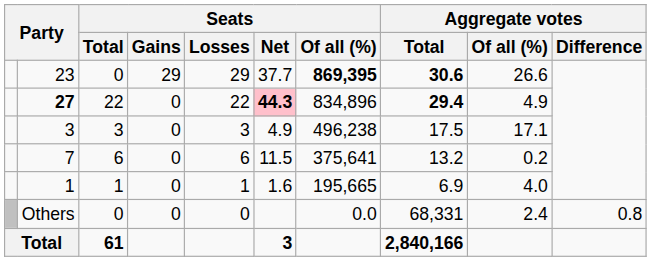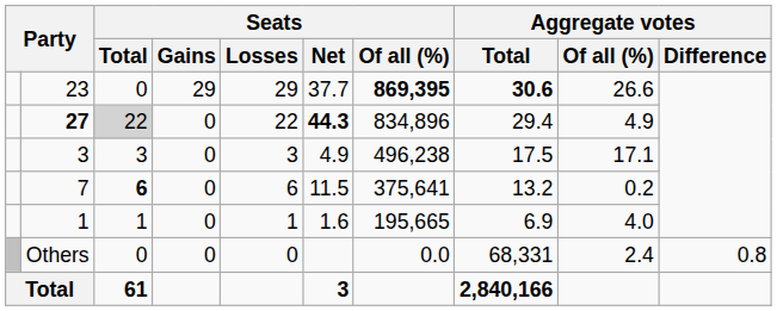 <table class="wikitable sortable" style="text-align:right; font-size:95%;">
 <tr>
 <th colspan="2" rowspan="2">Party</th>
 <th colspan="5">Seats</th>
 <th colspan="3">Aggregate votes</th>
 </tr>
 <tr>
 <th>Total</th>
 <th>Gains</th>
 <th>Losses</th>
 <th>Net</th>
 <th>Of all (%)</th>
 <th>Total</th>
 <th>Of all (%)</th>
 <th>Difference</th>
 </tr>
 <tr>
 <td></td>
 <td>23</td>
 <td>0</td>
 <td>29</td>
 <td>29</td>
 <td>37.7</td>
 <td><strong>869,395</strong></td>
 <td><strong>30.6</strong></td>
 <td>26.6</td>
 </tr>
 <tr>
 <td></td>
 <td><strong>27</strong></td>
-<td>22</td>
+<td style="background: lightgrey;">22</td>
 <td>0</td>
 <td>22</td>
-<td style="background: pink;"><strong>44.3</strong></td>
+<td><strong>44.3</strong></td>
 <td>834,896</td>
-<td><strong>29.4</strong></td>
+<td>29.4</td>
 <td>4.9</td>
 </tr>
 <tr>
 <td></td>
 <td>3</td>
 <td>3</td>
 <td>0</td>
 <td>3</td>
 <td>4.9</td>
 <td>496,238</td>
 <td>17.5</td>
 <td>17.1</td>
 </tr>
 <tr>
 <td></td>
 <td>7</td>
-<td>6</td>
+<td><strong>6</strong></td>
 <td>0</td>
 <td>6</td>
 <td>11.5</td>
 <td>375,641</td>
 <td>13.2</td>
 <td>0.2</td>
 </tr>
 <tr>
 <td></td>
 <td>1</td>
 <td>1</td>
 <td>0</td>
 <td>1</td>
 <td>1.6</td>
 <td>195,665</td>
 <td>6.9</td>
 <td>4.0</td>
 </tr>
 <tr>
 <td style="background:silver;"> </td>
 <td align=left>Others</td>
 <td>0</td>
 <td>0</td>
 <td>0</td>
 <td></td>
 <td>0.0</td>
 <td>68,331</td>
 <td>2.4</td>
 <td>0.8</td>
 </tr>
 <tr class="sortbottom" style="font-weight:bold;">
 <th colspan="2" scope="row" style="background-color:#f2f2f2;">Total</th>
 <td>61</td>
 <td></td>
 <td></td>
 <td>3</td>
 <td></td>
 <td>2,840,166</td>
 <td></td>
 <td></td>
 </tr>
 </table>
